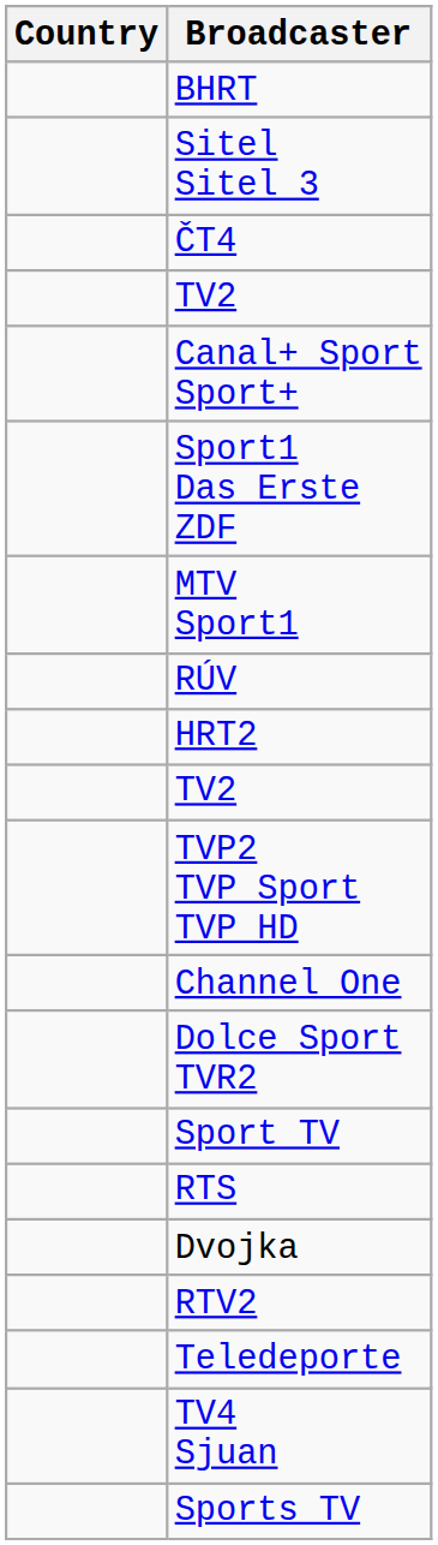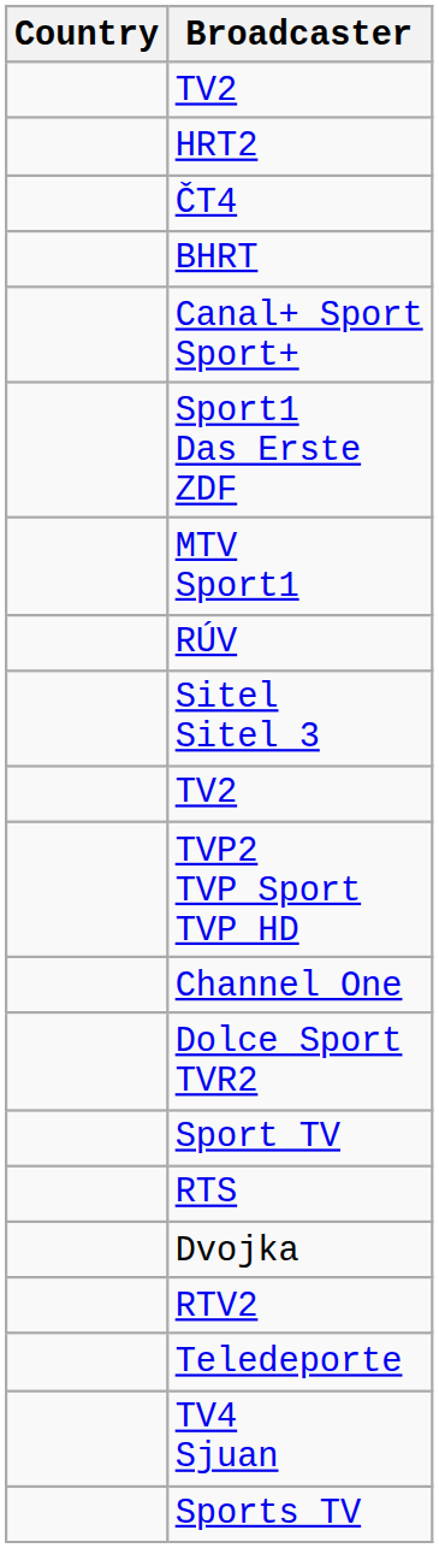 <table class="wikitable collapsible collapsed">
 <tr>
 <th align=center>Country</th>
 <th align=center>Broadcaster</th>
 </tr>
 <tr>
 <td align=left></td>
-<td><a href='#'>BHRT</a></td>
+<td><a href='#'>TV2</a></td>
 </tr>
 <tr>
 <td align=left></td>
-<td><a href='#'>Sitel</a><br><a href='#'>Sitel 3</a></td>
+<td><a href='#'>HRT2</a></td>
 </tr>
 <tr>
 <td align=left></td>
 <td><a href='#'>ČT4</a></td>
 </tr>
 <tr>
 <td align=left></td>
-<td><a href='#'>TV2</a></td>
+<td><a href='#'>BHRT</a></td>
 </tr>
 <tr>
 <td align=left></td>
 <td><a href='#'>Canal+ Sport</a><br><a href='#'>Sport+</a></td>
 </tr>
 <tr>
 <td align=left></td>
 <td><a href='#'>Sport1</a><br><a href='#'>Das Erste</a><br><a href='#'>ZDF</a></td>
 </tr>
 <tr>
 <td align=left></td>
 <td><a href='#'>MTV</a><br><a href='#'>Sport1</a></td>
 </tr>
 <tr>
 <td align=left></td>
 <td><a href='#'>RÚV</a></td>
 </tr>
 <tr>
 <td align=left></td>
-<td><a href='#'>HRT2</a></td>
+<td><a href='#'>Sitel</a><br><a href='#'>Sitel 3</a></td>
 </tr>
 <tr>
 <td align=left></td>
 <td><a href='#'>TV2</a></td>
 </tr>
 <tr>
 <td align=left></td>
 <td><a href='#'>TVP2</a><br><a href='#'>TVP Sport</a><br><a href='#'>TVP HD</a></td>
 </tr>
 <tr>
 <td align=left></td>
 <td><a href='#'>Channel One</a></td>
 </tr>
 <tr>
 <td align=left></td>
 <td><a href='#'>Dolce Sport</a><br><a href='#'>TVR2</a></td>
 </tr>
 <tr>
 <td align=left></td>
 <td><a href='#'>Sport TV</a></td>
 </tr>
 <tr>
 <td align=left></td>
 <td><a href='#'>RTS</a></td>
 </tr>
 <tr>
 <td align=left></td>
 <td>Dvojka</td>
 </tr>
 <tr>
 <td align=left></td>
 <td><a href='#'>RTV2</a></td>
 </tr>
 <tr>
 <td align=left></td>
 <td><a href='#'>Teledeporte</a></td>
 </tr>
 <tr>
 <td align=left></td>
 <td><a href='#'>TV4</a><br><a href='#'>Sjuan</a></td>
 </tr>
 <tr>
 <td align-left></td>
 <td><a href='#'>Sports TV</a></td>
 </tr>
 </table>
